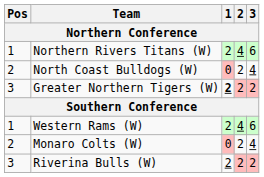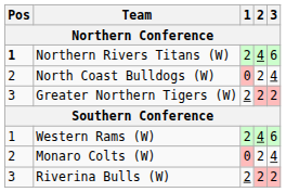 <table class="wikitable">
 <tr>
 <th>Pos</th>
 <th>Team</th>
 <th>1</th>
 <th>2</th>
 <th>3</th>
 </tr>
 <tr>
 <th colspan="5">Northern Conference</th>
 </tr>
 <tr>
-<td>1</td>
+<td><strong>1</strong></td>
 <td> Northern Rivers Titans (W)</td>
 <td style="background:#ccffcc;">2</td>
 <td style="background:#ccffcc;"><u>4</u></td>
 <td style="background:#ccffcc;">6</td>
 </tr>
 <tr>
 <td>2</td>
 <td> North Coast Bulldogs (W)</td>
 <td style="background:#ffbbbb;">0</td>
 <td>2</td>
 <td><u>4</u></td>
 </tr>
 <tr>
 <td>3</td>
 <td> Greater Northern Tigers (W)</td>
-<td><strong><u>2</u></strong></td>
+<td><u>2</u></td>
 <td style="background:#ffbbbb;">2</td>
 <td style="background:#ffbbbb;">2</td>
 </tr>
 <tr>
 <th colspan="5">Southern Conference</th>
 </tr>
 <tr>
 <td>1</td>
 <td> Western Rams (W)</td>
 <td style="background:#ccffcc;">2</td>
 <td style="background:#ccffcc;"><u>4</u></td>
 <td style="background:#ccffcc;">6</td>
 </tr>
 <tr>
 <td>2</td>
 <td> Monaro Colts (W)</td>
 <td style="background:#ffbbbb;">0</td>
 <td>2</td>
 <td><u>4</u></td>
 </tr>
 <tr>
 <td>3</td>
 <td> Riverina Bulls (W)</td>
 <td><u>2</u></td>
 <td style="background:#ffbbbb;">2</td>
 <td style="background:#ffbbbb;">2</td>
 </tr>
 </table>
